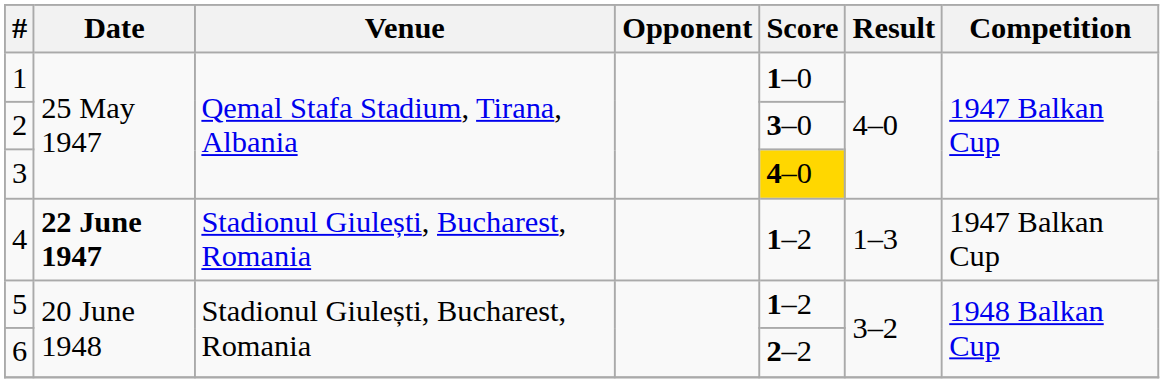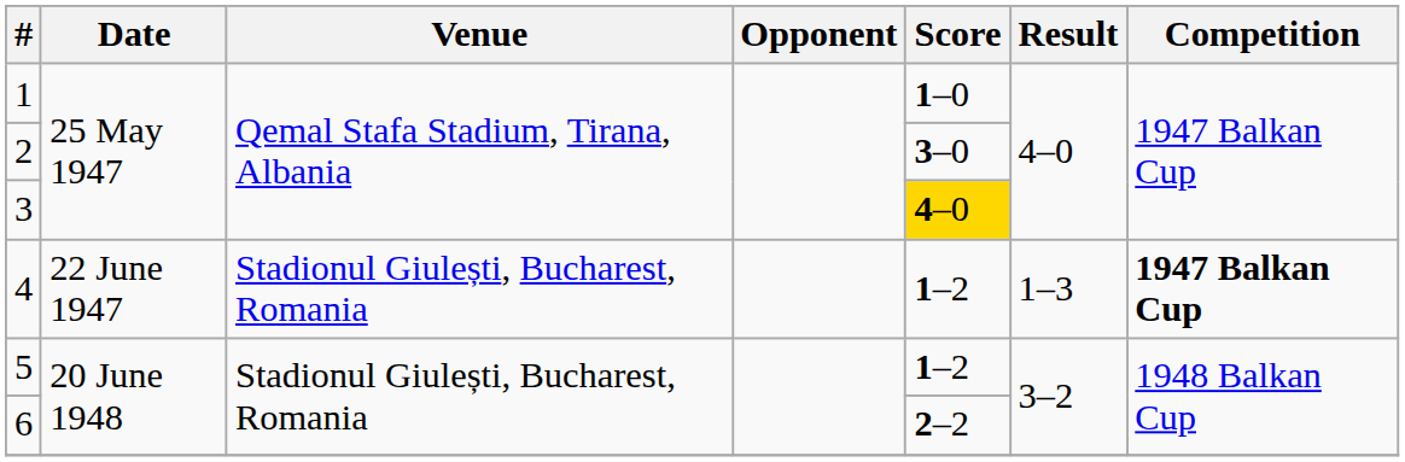 <table class="wikitable sortable">
 <tr>
 <th>#</th>
 <th>Date</th>
 <th>Venue</th>
 <th>Opponent</th>
 <th>Score</th>
 <th>Result</th>
 <th>Competition</th>
 </tr>
 <tr>
 <td align="center">1</td>
 <td rowspan="3">25 May 1947</td>
 <td rowspan="3"><a href='#'>Qemal Stafa Stadium</a>, <a href='#'>Tirana</a>, <a href='#'>Albania</a></td>
 <td rowspan="3"></td>
 <td><strong>1</strong>–0</td>
 <td rowspan="3">4–0</td>
 <td rowspan="3"><a href='#'>1947 Balkan Cup</a></td>
 </tr>
 <tr>
 <td align="center">2</td>
 <td><strong>3</strong>–0</td>
 </tr>
 <tr>
 <td align="center">3</td>
 <td style="background: gold;"><strong>4</strong>–0</td>
 </tr>
 <tr>
 <td align="center">4</td>
-<td><strong>22 June 1947</strong></td>
+<td>22 June 1947</td>
 <td><a href='#'>Stadionul Giulești</a>, <a href='#'>Bucharest</a>, <a href='#'>Romania</a></td>
 <td></td>
 <td><strong>1</strong>–2</td>
 <td>1–3</td>
-<td>1947 Balkan Cup</td>
+<td><strong>1947 Balkan Cup</strong></td>
 </tr>
 <tr>
 <td align="center">5</td>
 <td rowspan="2">20 June 1948</td>
 <td rowspan="2">Stadionul Giulești, Bucharest, Romania</td>
 <td rowspan="2"></td>
 <td><strong>1</strong>–2</td>
 <td rowspan="2">3–2</td>
 <td rowspan="2"><a href='#'>1948 Balkan Cup</a></td>
 </tr>
 <tr>
 <td align="center">6</td>
 <td><strong>2</strong>–2</td>
 </tr>
 <tr>
 </tr>
 </table>
